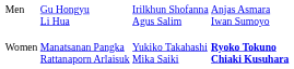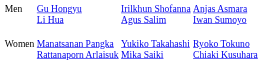 <table>
 <tr>
 <td>Men<br></td>
 <td><br><a href='#'>Gu Hongyu</a><br><a href='#'>Li Hua</a></td>
 <td><br><a href='#'>Irilkhun Shofanna</a><br><a href='#'>Agus Salim</a></td>
 <td><br><a href='#'>Anjas Asmara</a><br><a href='#'>Iwan Sumoyo</a></td>
 </tr>
 <tr>
 <td>Women<br></td>
 <td><br><a href='#'>Manatsanan Pangka</a><br><a href='#'>Rattanaporn Arlaisuk</a></td>
 <td><br><a href='#'>Yukiko Takahashi</a><br><a href='#'>Mika Saiki</a></td>
-<td><strong><br><a href='#'>Ryoko Tokuno</a><br><a href='#'>Chiaki Kusuhara</a></strong></td>
+<td><br><a href='#'>Ryoko Tokuno</a><br><a href='#'>Chiaki Kusuhara</a></td>
 </tr>
 </table>
